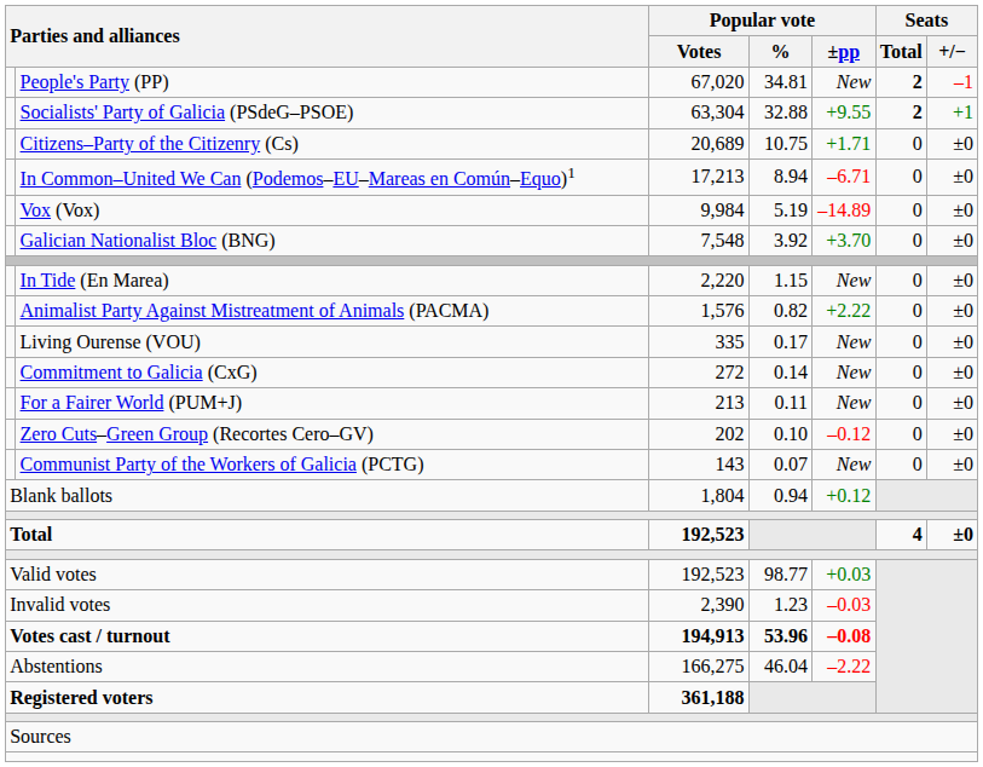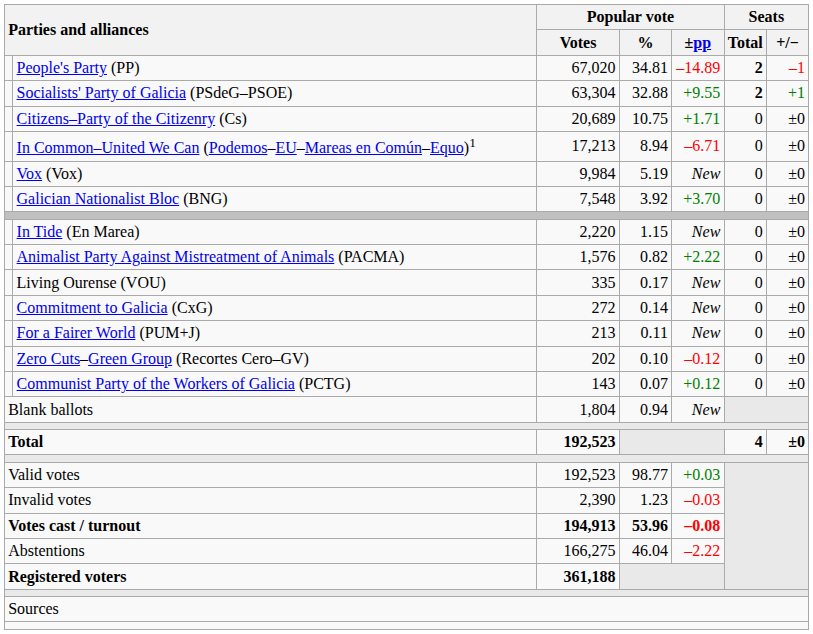 <table class="wikitable" style="text-align:right;">
 <tr>
 <th style="text-align:left;" rowspan="2" colspan="2" width="525">Parties and alliances</th>
 <th colspan="3">Popular vote</th>
 <th colspan="2">Seats</th>
 </tr>
 <tr>
 <th width="75">Votes</th>
 <th width="45">%</th>
 <th width="45">±<a href='#'>pp</a></th>
 <th width="35">Total</th>
 <th width="35">+/−</th>
 </tr>
 <tr>
 <td width="1" style="color:inherit;background:"></td>
 <td align="left"><a href='#'>People's Party</a> (PP)</td>
 <td>67,020</td>
 <td>34.81</td>
-<td><em>New</em></td>
+<td style="color:red;">–14.89</td>
 <td><strong>2</strong></td>
 <td style="color:red;">–1</td>
 </tr>
 <tr>
 <td style="color:inherit;background:"></td>
 <td align="left"><a href='#'>Socialists' Party of Galicia</a> (PSdeG–PSOE)</td>
 <td>63,304</td>
 <td>32.88</td>
 <td style="color:green;">+9.55</td>
 <td><strong>2</strong></td>
 <td style="color:green;">+1</td>
 </tr>
 <tr>
 <td style="color:inherit;background:"></td>
 <td align="left"><a href='#'>Citizens–Party of the Citizenry</a> (Cs)</td>
 <td>20,689</td>
 <td>10.75</td>
 <td style="color:green;">+1.71</td>
 <td>0</td>
 <td>±0</td>
 </tr>
 <tr>
 <td style="color:inherit;background:"></td>
 <td align="left"><a href='#'>In Common–United We Can</a> (<a href='#'>Podemos</a>–<a href='#'>EU</a>–<a href='#'>Mareas en Común</a>–<a href='#'>Equo</a>)<sup>1</sup></td>
 <td>17,213</td>
 <td>8.94</td>
 <td style="color:red;">–6.71</td>
 <td>0</td>
 <td>±0</td>
 </tr>
 <tr>
 <td style="color:inherit;background:"></td>
 <td align="left"><a href='#'>Vox</a> (Vox)</td>
 <td>9,984</td>
 <td>5.19</td>
-<td style="color:red;">–14.89</td>
+<td><em>New</em></td>
 <td>0</td>
 <td>±0</td>
 </tr>
 <tr>
 <td style="color:inherit;background:"></td>
 <td align="left"><a href='#'>Galician Nationalist Bloc</a> (BNG)</td>
 <td>7,548</td>
 <td>3.92</td>
 <td style="color:green;">+3.70</td>
 <td>0</td>
 <td>±0</td>
 </tr>
 <tr>
 <td colspan="7" bgcolor="#C0C0C0"></td>
 </tr>
 <tr>
 <td style="color:inherit;background:"></td>
 <td align="left"><a href='#'>In Tide</a> (En Marea)</td>
 <td>2,220</td>
 <td>1.15</td>
 <td><em>New</em></td>
 <td>0</td>
 <td>±0</td>
 </tr>
 <tr>
 <td style="color:inherit;background:"></td>
 <td align="left"><a href='#'>Animalist Party Against Mistreatment of Animals</a> (PACMA)</td>
 <td>1,576</td>
 <td>0.82</td>
 <td style="color:green;">+2.22</td>
 <td>0</td>
 <td>±0</td>
 </tr>
 <tr>
 <td style="color:inherit;background:"></td>
 <td align="left">Living Ourense (VOU)</td>
 <td>335</td>
 <td>0.17</td>
 <td><em>New</em></td>
 <td>0</td>
 <td>±0</td>
 </tr>
 <tr>
 <td style="color:inherit;background:"></td>
 <td align="left"><a href='#'>Commitment to Galicia</a> (CxG)</td>
 <td>272</td>
 <td>0.14</td>
 <td><em>New</em></td>
 <td>0</td>
 <td>±0</td>
 </tr>
 <tr>
 <td style="color:inherit;background:"></td>
 <td align="left"><a href='#'>For a Fairer World</a> (PUM+J)</td>
 <td>213</td>
 <td>0.11</td>
 <td><em>New</em></td>
 <td>0</td>
 <td>±0</td>
 </tr>
 <tr>
 <td style="color:inherit;background:"></td>
 <td align="left"><a href='#'>Zero Cuts</a>–<a href='#'>Green Group</a> (Recortes Cero–GV)</td>
 <td>202</td>
 <td>0.10</td>
 <td style="color:red;">–0.12</td>
 <td>0</td>
 <td>±0</td>
 </tr>
 <tr>
 <td style="color:inherit;background:"></td>
 <td align="left"><a href='#'>Communist Party of the Workers of Galicia</a> (PCTG)</td>
 <td>143</td>
 <td>0.07</td>
-<td><em>New</em></td>
+<td style="color:green;">+0.12</td>
 <td>0</td>
 <td>±0</td>
 </tr>
 <tr>
 <td align="left" colspan="2">Blank ballots</td>
 <td>1,804</td>
 <td>0.94</td>
-<td style="color:green;">+0.12</td>
+<td><em>New</em></td>
 <td bgcolor="#E9E9E9" colspan="2"></td>
 </tr>
 <tr>
 <td colspan="7" bgcolor="#E9E9E9"></td>
 </tr>
 <tr style="font-weight:bold;">
 <td align="left" colspan="2">Total</td>
 <td>192,523</td>
 <td bgcolor="#E9E9E9" colspan="2"></td>
 <td>4</td>
 <td>±0</td>
 </tr>
 <tr>
 <td colspan="7" bgcolor="#E9E9E9"></td>
 </tr>
 <tr>
 <td align="left" colspan="2">Valid votes</td>
 <td>192,523</td>
 <td>98.77</td>
 <td style="color:green;">+0.03</td>
 <td bgcolor="#E9E9E9" colspan="2" rowspan="5"></td>
 </tr>
 <tr>
 <td align="left" colspan="2">Invalid votes</td>
 <td>2,390</td>
 <td>1.23</td>
 <td style="color:red;">–0.03</td>
 </tr>
 <tr style="font-weight:bold;">
 <td align="left" colspan="2">Votes cast / turnout</td>
 <td>194,913</td>
 <td>53.96</td>
 <td style="color:red;">–0.08</td>
 </tr>
 <tr>
 <td align="left" colspan="2">Abstentions</td>
 <td>166,275</td>
 <td>46.04</td>
 <td style="color:red;">–2.22</td>
 </tr>
 <tr style="font-weight:bold;">
 <td align="left" colspan="2">Registered voters</td>
 <td>361,188</td>
 <td bgcolor="#E9E9E9" colspan="2"></td>
 </tr>
 <tr>
 <td colspan="7" bgcolor="#E9E9E9"></td>
 </tr>
 <tr>
 <td align="left" colspan="7">Sources</td>
 </tr>
 <tr>
 <td colspan="7" style="text-align:left; max-width:790px;"></td>
 </tr>
 </table>
